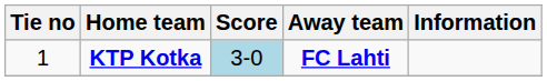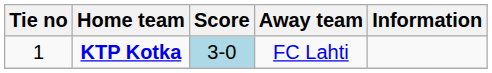 <table class="wikitable" style="text-align:center">
 <tr>
 <th style= width="40px">Tie no</th>
 <th style= width="150px">Home team</th>
 <th style= width="60px">Score</th>
 <th style= width="150px">Away team</th>
 <th style= width="30px">Information</th>
 </tr>
 <tr>
 <td>1</td>
 <td><strong><a href='#'>KTP Kotka</a></strong></td>
 <td style="background: lightblue;">3-0</td>
-<td><strong><a href='#'>FC Lahti</a></strong></td>
+<td><a href='#'>FC Lahti</a></td>
 <td></td>
 </tr>
 <tr>
 </tr>
 </table>
